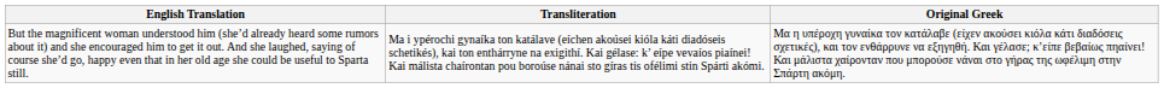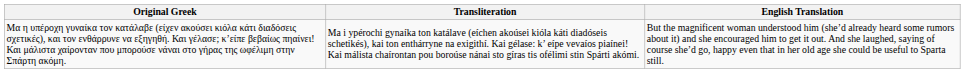 <table class="wikitable">
 <tr>
+<th>Original Greek</th>
+<th>Transliteration</th>
 <th>English Translation</th>
-<th>Transliteration</th>
-<th>Original Greek</th>
 </tr>
 <tr>
+<td>Μα η υπέροχη γυναίκα τον κατάλαβε (είχεν ακούσει κιόλα κάτι διαδόσεις σχετικές), και τον ενθάρρυνε να εξηγηθή. Και γέλασε; κ’είπε βεβαίως πηαίνει! Και μάλιστα χαίρονταν που μπορούσε νάναι στο γήρας της ωφέλιμη στην Σπάρτη ακόμη.</td>
+<td>Ma i ypérochi gynaíka ton katálave (eíchen akoúsei kióla káti diadóseis schetikés), kai ton enthárryne na exigithí. Kai gélase: k’ eípe vevaíos piaínei! Kai málista chaírontan pou boroúse nánai sto gíras tis ofélimi stin Spárti akómi.</td>
 <td>But the magnificent woman understood him (she’d already heard some rumors about it) and she encouraged him to get it out. And she laughed, saying of course she’d go, happy even that in her old age she could be useful to Sparta still.</td>
-<td>Ma i ypérochi gynaíka ton katálave (eíchen akoúsei kióla káti diadóseis schetikés), kai ton enthárryne na exigithí. Kai gélase: k’ eípe vevaíos piaínei! Kai málista chaírontan pou boroúse nánai sto gíras tis ofélimi stin Spárti akómi.</td>
-<td>Μα η υπέροχη γυναίκα τον κατάλαβε (είχεν ακούσει κιόλα κάτι διαδόσεις σχετικές), και τον ενθάρρυνε να εξηγηθή. Και γέλασε; κ’είπε βεβαίως πηαίνει! Και μάλιστα χαίρονταν που μπορούσε νάναι στο γήρας της ωφέλιμη στην Σπάρτη ακόμη.</td>
 </tr>
 </table>
